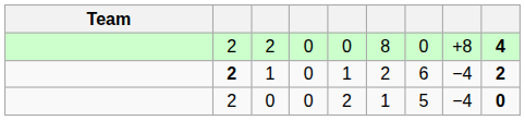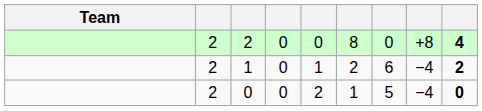 <table class="wikitable" style="text-align: center; font-size: 90%;">
 <tr>
 <th width=165>Team</th>
 <th width=25></th>
 <th width=25></th>
 <th width=25></th>
 <th width=25></th>
 <th width=25></th>
 <th width=25></th>
 <th width=25></th>
 <th width=25></th>
 </tr>
 <tr bgcolor=#ccffcc>
 <td align=left></td>
 <td>2</td>
 <td>2</td>
 <td>0</td>
 <td>0</td>
 <td>8</td>
 <td>0</td>
 <td>+8</td>
 <td><strong>4</strong></td>
 </tr>
 <tr>
 <td align=left></td>
-<td><strong>2</strong></td>
+<td>2</td>
 <td>1</td>
 <td>0</td>
 <td>1</td>
 <td>2</td>
 <td>6</td>
 <td>−4</td>
 <td><strong>2</strong></td>
 </tr>
 <tr>
 <td align=left></td>
 <td>2</td>
 <td>0</td>
 <td>0</td>
 <td>2</td>
 <td>1</td>
 <td>5</td>
 <td>−4</td>
 <td><strong>0</strong></td>
 </tr>
 </table>
